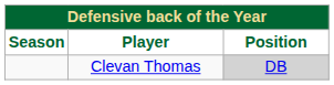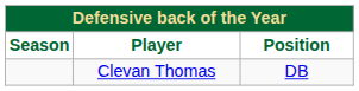 <table class="wikitable sortable" style="text-align:center">
 <tr>
 <td colspan="4" style="background:#063; color:	#ed9;"><strong>Defensive back of the Year</strong></td>
 </tr>
 <tr>
 <th style="width:50px; background:white; color:#063;">Season</th>
 <th style="width:150px; background:white; color:#063;">Player</th>
 <th style="width:100px; background:white; color:#063;">Position</th>
 </tr>
 <tr>
 <td></td>
 <td><a href='#'>Clevan Thomas</a></td>
-<td style="background: lightgrey;"><a href='#'>DB</a></td>
+<td><a href='#'>DB</a></td>
 </tr>
 </table>
